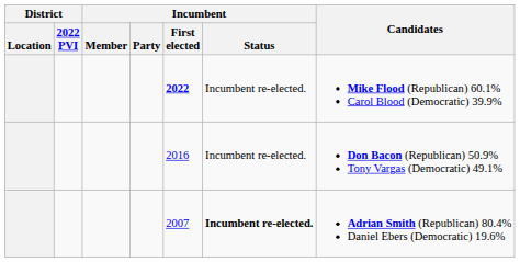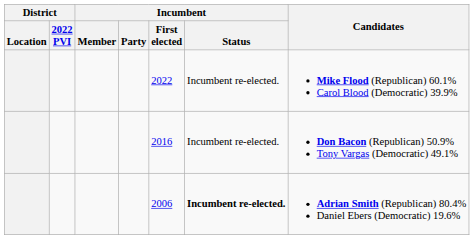 <table class="wikitable sortable">
 <tr>
 <th colspan=2>District</th>
 <th colspan=4>Incumbent</th>
 <th rowspan=2 class="unsortable">Candidates</th>
 </tr>
 <tr valign=bottom>
 <th>Location</th>
 <th><a href='#'>2022<br>PVI</a></th>
 <th>Member</th>
 <th>Party</th>
 <th>First<br>elected</th>
 <th>Status</th>
 </tr>
 <tr>
 <th></th>
 <td></td>
 <td></td>
 <td></td>
-<td><strong><a href='#'>2022 </a></strong></td>
+<td><a href='#'>2022 </a></td>
 <td>Incumbent re-elected.</td>
 <td nowrap><br><ul><li> <strong><a href='#'>Mike Flood</a></strong> (Republican) 60.1%</li><li><a href='#'>Carol Blood</a> (Democratic) 39.9%</li></ul></td>
 </tr>
 <tr>
 <th></th>
 <td></td>
 <td></td>
 <td></td>
 <td><a href='#'>2016</a></td>
 <td>Incumbent re-elected.</td>
 <td nowrap><br><ul><li> <strong><a href='#'>Don Bacon</a></strong> (Republican) 50.9%</li><li><a href='#'>Tony Vargas</a> (Democratic) 49.1%</li></ul></td>
 </tr>
 <tr>
 <th></th>
 <td></td>
 <td></td>
 <td></td>
-<td><a href='#'>2007</a></td>
+<td><a href='#'>2006</a></td>
 <td><strong>Incumbent re-elected.</strong></td>
 <td nowrap><br><ul><li> <strong><a href='#'>Adrian Smith</a></strong> (Republican) 80.4%</li><li>Daniel Ebers (Democratic) 19.6%</li></ul></td>
 </tr>
 </table>
